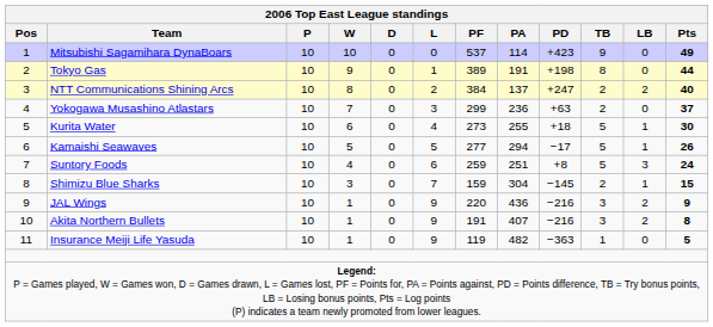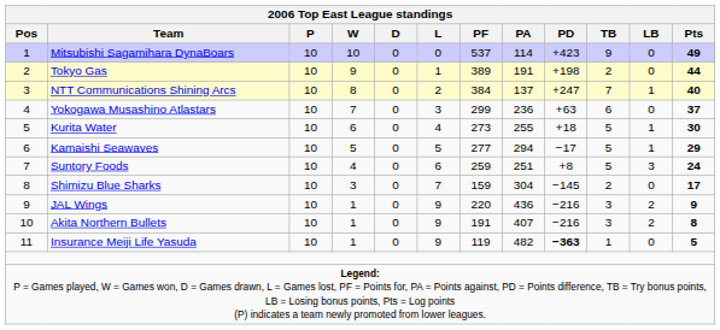 <table class="wikitable" style="text-align:center; font-size:100%; width:60%;">
 <tr>
 <th colspan="100%" cellpadding="0" cellspacing="0"><strong>2006 Top East League standings</strong></th>
 </tr>
 <tr>
 <th style="width:6%;">Pos</th>
 <th style="width:34%;">Team</th>
 <th style="width:6%;">P</th>
 <th style="width:6%;">W</th>
 <th style="width:6%;">D</th>
 <th style="width:6%;">L</th>
 <th style="width:6%;">PF</th>
 <th style="width:6%;">PA</th>
 <th style="width:6%;">PD</th>
 <th style="width:6%;">TB</th>
 <th style="width:6%;">LB</th>
 <th style="width:6%;">Pts<br></th>
 </tr>
 <tr style="background:#CCCCFF;">
 <td>1</td>
 <td style="text-align:left;"><a href='#'>Mitsubishi Sagamihara DynaBoars</a></td>
 <td>10</td>
 <td>10</td>
 <td>0</td>
 <td>0</td>
 <td>537</td>
 <td>114</td>
 <td>+423</td>
 <td>9</td>
 <td>0</td>
 <td><strong>49</strong></td>
 </tr>
 <tr style="background:#FFFCCC;">
 <td>2</td>
 <td style="text-align:left;"><a href='#'>Tokyo Gas</a></td>
 <td>10</td>
 <td>9</td>
 <td>0</td>
 <td>1</td>
 <td>389</td>
 <td>191</td>
 <td>+198</td>
-<td>8</td>
+<td>2</td>
 <td>0</td>
 <td><strong>44</strong></td>
 </tr>
 <tr style="background:#FFFCCC;">
 <td>3</td>
 <td style="text-align:left;"><a href='#'>NTT Communications Shining Arcs</a></td>
 <td>10</td>
 <td>8</td>
 <td>0</td>
 <td>2</td>
 <td>384</td>
 <td>137</td>
 <td>+247</td>
-<td>2</td>
-<td>2</td>
+<td>7</td>
+<td>1</td>
 <td><strong>40</strong></td>
 </tr>
 <tr>
 <td>4</td>
 <td style="text-align:left;"><a href='#'>Yokogawa Musashino Atlastars</a></td>
 <td>10</td>
 <td>7</td>
 <td>0</td>
 <td>3</td>
 <td>299</td>
 <td>236</td>
 <td>+63</td>
-<td>2</td>
+<td>6</td>
 <td>0</td>
 <td><strong>37</strong></td>
 </tr>
 <tr>
 <td>5</td>
 <td style="text-align:left;"><a href='#'>Kurita Water</a></td>
 <td>10</td>
 <td>6</td>
 <td>0</td>
 <td>4</td>
 <td>273</td>
 <td>255</td>
 <td>+18</td>
 <td>5</td>
 <td>1</td>
 <td><strong>30</strong></td>
 </tr>
 <tr>
 <td>6</td>
 <td style="text-align:left;"><a href='#'>Kamaishi Seawaves</a></td>
 <td>10</td>
 <td>5</td>
 <td>0</td>
 <td>5</td>
 <td>277</td>
 <td>294</td>
 <td>−17</td>
 <td>5</td>
 <td>1</td>
-<td><strong>26</strong></td>
+<td><strong>29</strong></td>
 </tr>
 <tr>
 <td>7</td>
 <td style="text-align:left;"><a href='#'>Suntory Foods</a></td>
 <td>10</td>
 <td>4</td>
 <td>0</td>
 <td>6</td>
 <td>259</td>
 <td>251</td>
 <td>+8</td>
 <td>5</td>
 <td>3</td>
 <td><strong>24</strong></td>
 </tr>
 <tr>
 <td>8</td>
 <td style="text-align:left;"><a href='#'>Shimizu Blue Sharks</a></td>
 <td>10</td>
 <td>3</td>
 <td>0</td>
 <td>7</td>
 <td>159</td>
 <td>304</td>
 <td>−145</td>
 <td>2</td>
-<td>1</td>
-<td><strong>15</strong></td>
+<td>0</td>
+<td><strong>17</strong></td>
 </tr>
 <tr>
 <td>9</td>
 <td style="text-align:left;"><a href='#'>JAL Wings</a></td>
 <td>10</td>
 <td>1</td>
 <td>0</td>
 <td>9</td>
 <td>220</td>
 <td>436</td>
 <td>−216</td>
 <td>3</td>
 <td>2</td>
 <td><strong>9</strong></td>
 </tr>
 <tr>
 <td>10</td>
 <td style="text-align:left;"><a href='#'>Akita Northern Bullets</a></td>
 <td>10</td>
 <td>1</td>
 <td>0</td>
 <td>9</td>
 <td>191</td>
 <td>407</td>
 <td>−216</td>
 <td>3</td>
 <td>2</td>
 <td><strong>8</strong></td>
 </tr>
 <tr>
 <td>11</td>
 <td style="text-align:left;"><a href='#'>Insurance Meiji Life Yasuda</a></td>
 <td>10</td>
 <td>1</td>
 <td>0</td>
 <td>9</td>
 <td>119</td>
 <td>482</td>
-<td>−363</td>
+<td><strong>−363</strong></td>
 <td>1</td>
 <td>0</td>
 <td><strong>5</strong></td>
 </tr>
 <tr>
 <td colspan="100%" style="height:10px;"></td>
 </tr>
 <tr>
 <td colspan="100%"><small><strong>Legend:</strong> <br> P = Games played, W = Games won, D = Games drawn, L = Games lost, PF = Points for, PA = Points against, PD = Points difference, TB = Try bonus points, LB = Losing bonus points, Pts = Log points <br> (P) indicates a team newly promoted from lower leagues.</small></td>
 </tr>
 </table>
